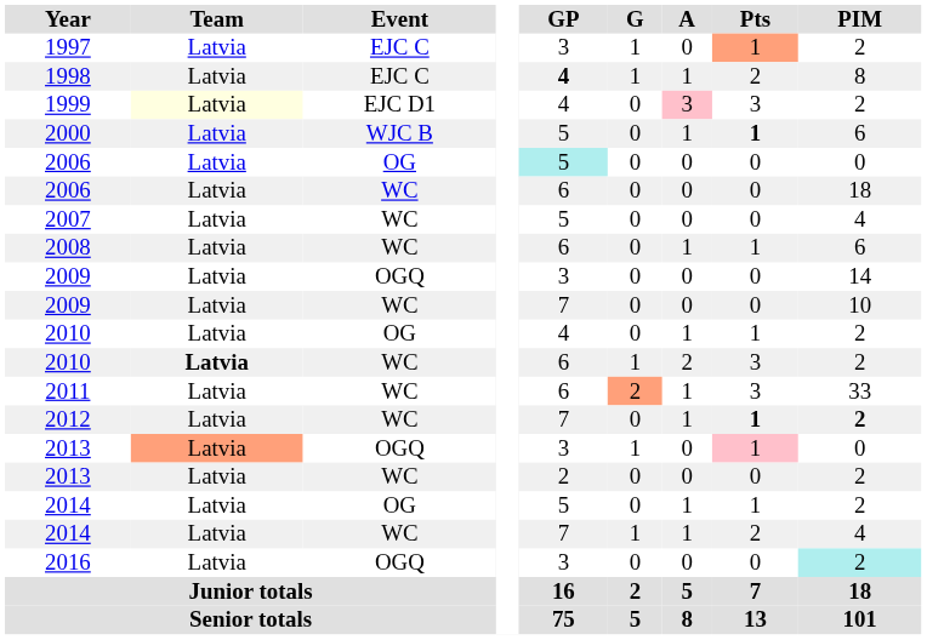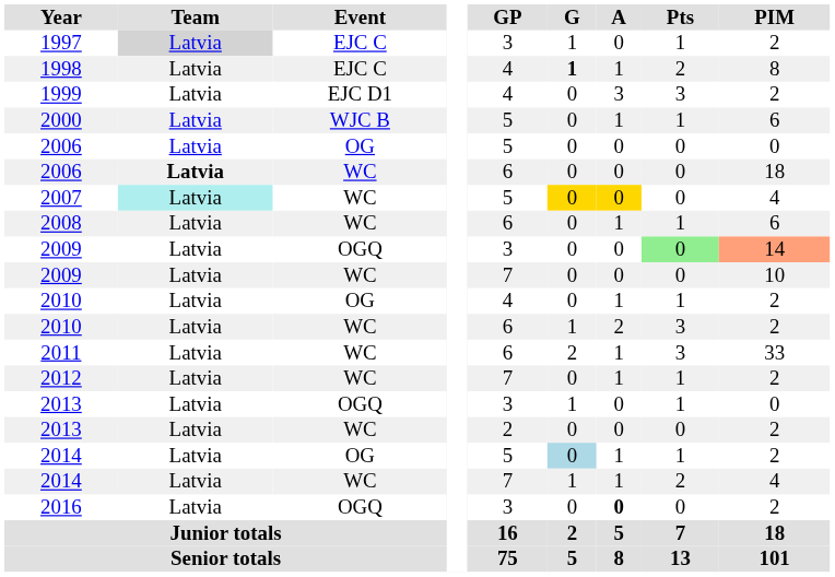 <table border="0" cellpadding="1" cellspacing="0" style="text-align:center; width:40em">
 <tr ALIGN="center" bgcolor="#e0e0e0">
 <th>Year</th>
 <th>Team</th>
 <th>Event</th>
 <th ALIGN="center" rowspan="99" bgcolor="#ffffff"> </th>
 <th>GP</th>
 <th>G</th>
 <th>A</th>
 <th>Pts</th>
 <th>PIM</th>
 </tr>
 <tr>
 <td><a href='#'>1997</a></td>
-<td><a href='#'>Latvia</a></td>
+<td style="background: lightgrey;"><a href='#'>Latvia</a></td>
 <td><a href='#'>EJC C</a></td>
 <td>3</td>
 <td>1</td>
 <td>0</td>
-<td style="background: lightsalmon;">1</td>
+<td>1</td>
 <td>2</td>
 </tr>
 <tr bgcolor="#f0f0f0">
 <td><a href='#'>1998</a></td>
 <td>Latvia</td>
 <td>EJC C</td>
-<td><strong>4</strong></td>
-<td>1</td>
+<td>4</td>
+<td><strong>1</strong></td>
 <td>1</td>
 <td>2</td>
 <td>8</td>
 </tr>
 <tr>
 <td><a href='#'>1999</a></td>
-<td style="background: lightyellow;">Latvia</td>
+<td>Latvia</td>
 <td>EJC D1</td>
 <td>4</td>
 <td>0</td>
-<td style="background: pink;">3</td>
+<td>3</td>
 <td>3</td>
 <td>2</td>
 </tr>
 <tr bgcolor="#f0f0f0">
 <td><a href='#'>2000</a></td>
 <td><a href='#'>Latvia</a></td>
 <td><a href='#'>WJC B</a></td>
 <td>5</td>
 <td>0</td>
 <td>1</td>
-<td><strong>1</strong></td>
+<td>1</td>
 <td>6</td>
 </tr>
 <tr>
 <td><a href='#'>2006</a></td>
 <td><a href='#'>Latvia</a></td>
 <td><a href='#'>OG</a></td>
-<td style="background: paleturquoise;">5</td>
+<td>5</td>
 <td>0</td>
 <td>0</td>
 <td>0</td>
 <td>0</td>
 </tr>
 <tr bgcolor="#f0f0f0">
 <td><a href='#'>2006</a></td>
-<td>Latvia</td>
+<td><strong>Latvia</strong></td>
 <td><a href='#'>WC</a></td>
 <td>6</td>
 <td>0</td>
 <td>0</td>
 <td>0</td>
 <td>18</td>
 </tr>
 <tr>
 <td><a href='#'>2007</a></td>
-<td>Latvia</td>
+<td style="background: paleturquoise;">Latvia</td>
 <td>WC</td>
 <td>5</td>
-<td>0</td>
-<td>0</td>
+<td style="background: gold;">0</td>
+<td style="background: gold;">0</td>
 <td>0</td>
 <td>4</td>
 </tr>
 <tr bgcolor="#f0f0f0">
 <td><a href='#'>2008</a></td>
 <td>Latvia</td>
 <td>WC</td>
 <td>6</td>
 <td>0</td>
 <td>1</td>
 <td>1</td>
 <td>6</td>
 </tr>
 <tr>
 <td><a href='#'>2009</a></td>
 <td>Latvia</td>
 <td>OGQ</td>
 <td>3</td>
 <td>0</td>
 <td>0</td>
-<td>0</td>
-<td>14</td>
+<td style="background: lightgreen;">0</td>
+<td style="background: lightsalmon;">14</td>
 </tr>
 <tr bgcolor="#f0f0f0">
 <td><a href='#'>2009</a></td>
 <td>Latvia</td>
 <td>WC</td>
 <td>7</td>
 <td>0</td>
 <td>0</td>
 <td>0</td>
 <td>10</td>
 </tr>
 <tr>
 <td><a href='#'>2010</a></td>
 <td>Latvia</td>
 <td>OG</td>
 <td>4</td>
 <td>0</td>
 <td>1</td>
 <td>1</td>
 <td>2</td>
 </tr>
 <tr bgcolor="#f0f0f0">
 <td><a href='#'>2010</a></td>
-<td><strong>Latvia</strong></td>
+<td>Latvia</td>
 <td>WC</td>
 <td>6</td>
 <td>1</td>
 <td>2</td>
 <td>3</td>
 <td>2</td>
 </tr>
 <tr>
 <td><a href='#'>2011</a></td>
 <td>Latvia</td>
 <td>WC</td>
 <td>6</td>
-<td style="background: lightsalmon;">2</td>
+<td>2</td>
 <td>1</td>
 <td>3</td>
 <td>33</td>
 </tr>
 <tr bgcolor="#f0f0f0">
 <td><a href='#'>2012</a></td>
 <td>Latvia</td>
 <td>WC</td>
 <td>7</td>
 <td>0</td>
 <td>1</td>
-<td><strong>1</strong></td>
-<td><strong>2</strong></td>
+<td>1</td>
+<td>2</td>
 </tr>
 <tr>
 <td><a href='#'>2013</a></td>
-<td style="background: lightsalmon;">Latvia</td>
+<td>Latvia</td>
 <td>OGQ</td>
 <td>3</td>
 <td>1</td>
 <td>0</td>
-<td style="background: pink;">1</td>
+<td>1</td>
 <td>0</td>
 </tr>
 <tr bgcolor="#f0f0f0">
 <td><a href='#'>2013</a></td>
 <td>Latvia</td>
 <td>WC</td>
 <td>2</td>
 <td>0</td>
 <td>0</td>
 <td>0</td>
 <td>2</td>
 </tr>
 <tr>
 <td><a href='#'>2014</a></td>
 <td>Latvia</td>
 <td>OG</td>
 <td>5</td>
-<td>0</td>
+<td style="background: lightblue;">0</td>
 <td>1</td>
 <td>1</td>
 <td>2</td>
 </tr>
 <tr bgcolor="#f0f0f0">
 <td><a href='#'>2014</a></td>
 <td>Latvia</td>
 <td>WC</td>
 <td>7</td>
 <td>1</td>
 <td>1</td>
 <td>2</td>
 <td>4</td>
 </tr>
 <tr>
 <td><a href='#'>2016</a></td>
 <td>Latvia</td>
 <td>OGQ</td>
 <td>3</td>
 <td>0</td>
+<td><strong>0</strong></td>
 <td>0</td>
-<td>0</td>
-<td style="background: paleturquoise;">2</td>
+<td>2</td>
 </tr>
 <tr bgcolor="#e0e0e0">
 <th colspan="3">Junior totals</th>
 <th>16</th>
 <th>2</th>
 <th>5</th>
 <th>7</th>
 <th>18</th>
 </tr>
 <tr bgcolor="#e0e0e0">
 <th colspan="3">Senior totals</th>
 <th>75</th>
 <th>5</th>
 <th>8</th>
 <th>13</th>
 <th>101</th>
 </tr>
 </table>
